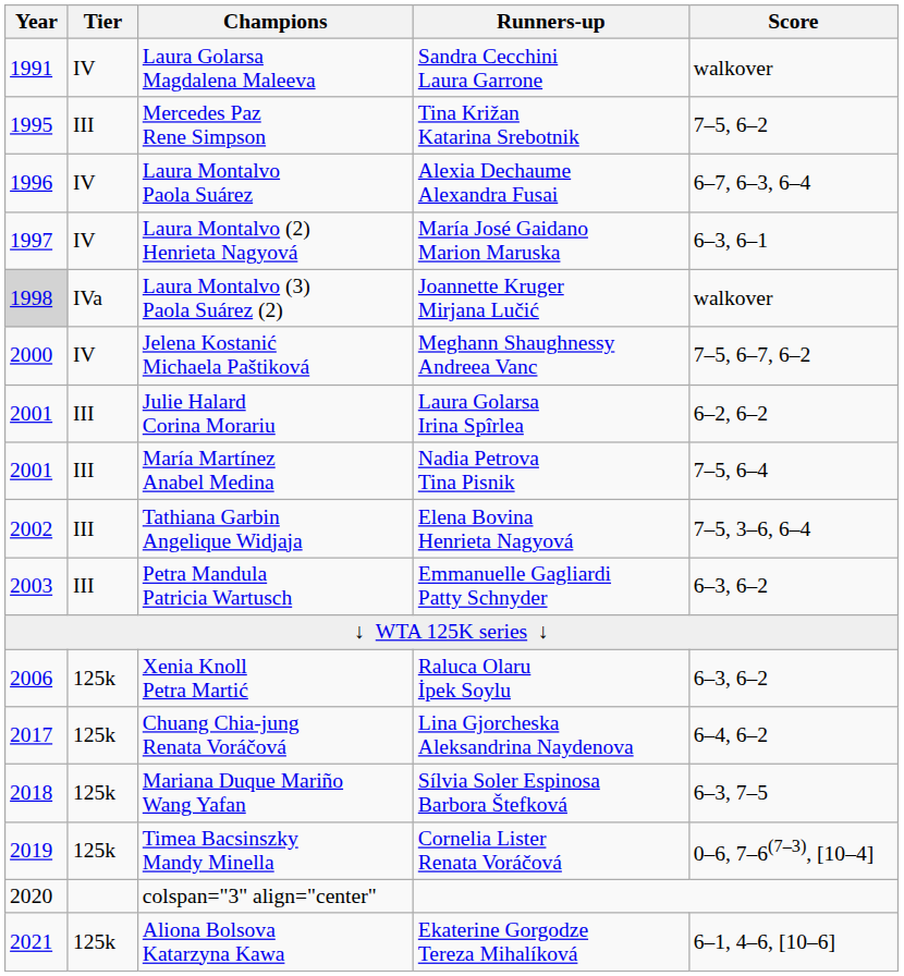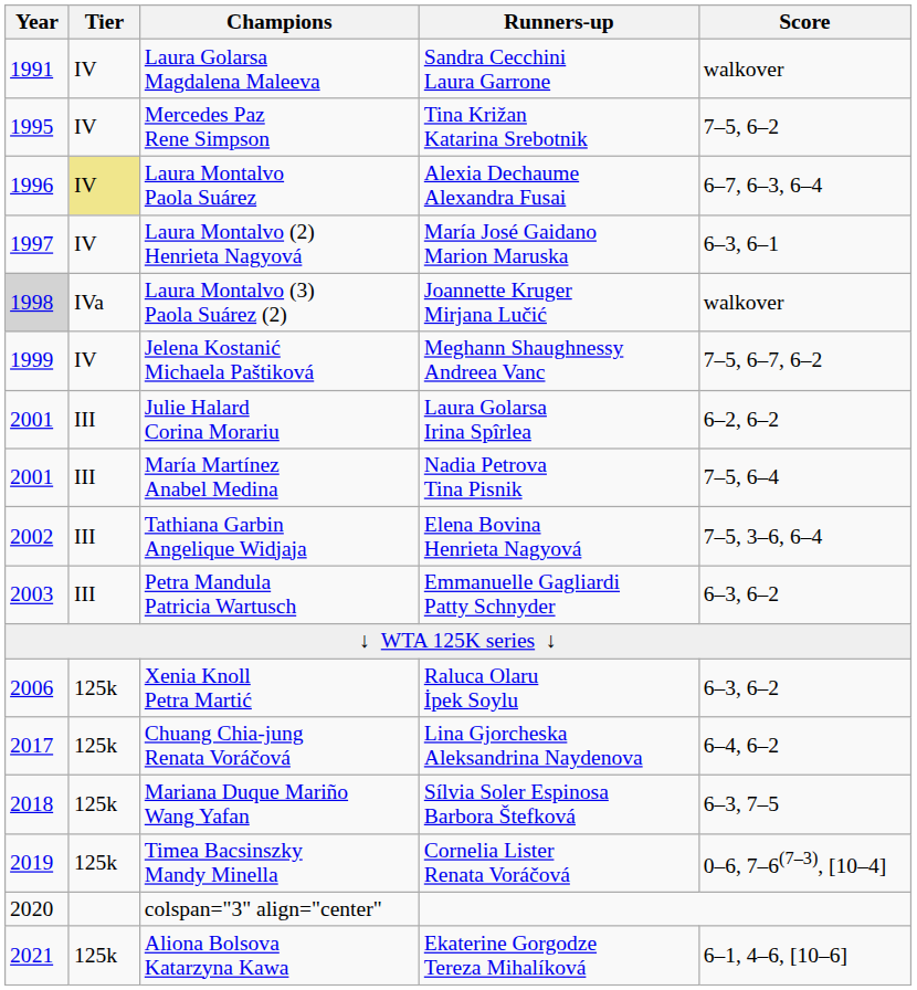 <table class=wikitable>
 <tr>
 <th style="width:40px">Year</th>
 <th style="width:45px">Tier</th>
 <th style="width:200px">Champions</th>
 <th style="width:200px">Runners-up</th>
 <th style="width:150px" class="unsortable">Score</th>
 </tr>
 <tr>
 <td><a href='#'>1991</a></td>
 <td>IV</td>
 <td> <a href='#'>Laura Golarsa</a> <br>  <a href='#'>Magdalena Maleeva</a></td>
 <td> <a href='#'>Sandra Cecchini</a> <br>  <a href='#'>Laura Garrone</a></td>
 <td>walkover</td>
 </tr>
 <tr>
 <td><a href='#'>1995</a></td>
-<td>III</td>
+<td>IV</td>
 <td> <a href='#'>Mercedes Paz</a> <br>  <a href='#'>Rene Simpson</a></td>
 <td> <a href='#'>Tina Križan</a> <br>  <a href='#'>Katarina Srebotnik</a></td>
 <td>7–5, 6–2</td>
 </tr>
 <tr>
 <td><a href='#'>1996</a></td>
-<td>IV</td>
+<td style="background: khaki;">IV</td>
 <td> <a href='#'>Laura Montalvo</a> <br>  <a href='#'>Paola Suárez</a></td>
 <td> <a href='#'>Alexia Dechaume</a> <br>  <a href='#'>Alexandra Fusai</a></td>
 <td>6–7, 6–3, 6–4</td>
 </tr>
 <tr>
 <td><a href='#'>1997</a></td>
 <td>IV</td>
 <td> <a href='#'>Laura Montalvo</a> (2) <br>  <a href='#'>Henrieta Nagyová</a></td>
 <td> <a href='#'>María José Gaidano</a> <br>  <a href='#'>Marion Maruska</a></td>
 <td>6–3, 6–1</td>
 </tr>
 <tr>
 <td style="background: lightgrey;"><a href='#'>1998</a></td>
 <td>IVa</td>
 <td> <a href='#'>Laura Montalvo</a> (3) <br>  <a href='#'>Paola Suárez</a> (2)</td>
 <td> <a href='#'>Joannette Kruger</a> <br>  <a href='#'>Mirjana Lučić</a></td>
 <td>walkover</td>
 </tr>
 <tr>
-<td><a href='#'>2000</a></td>
+<td><a href='#'>1999</a></td>
 <td>IV</td>
 <td> <a href='#'>Jelena Kostanić</a> <br>  <a href='#'>Michaela Paštiková</a></td>
 <td> <a href='#'>Meghann Shaughnessy</a> <br>  <a href='#'>Andreea Vanc</a></td>
 <td>7–5, 6–7, 6–2</td>
 </tr>
 <tr>
 <td><a href='#'>2001</a></td>
 <td>III</td>
 <td> <a href='#'>Julie Halard</a> <br>  <a href='#'>Corina Morariu</a></td>
 <td> <a href='#'>Laura Golarsa</a> <br>  <a href='#'>Irina Spîrlea</a></td>
 <td>6–2, 6–2</td>
 </tr>
 <tr>
 <td><a href='#'>2001</a></td>
 <td>III</td>
 <td> <a href='#'>María Martínez</a> <br>  <a href='#'>Anabel Medina</a></td>
 <td> <a href='#'>Nadia Petrova</a> <br>  <a href='#'>Tina Pisnik</a></td>
 <td>7–5, 6–4</td>
 </tr>
 <tr>
 <td><a href='#'>2002</a></td>
 <td>III</td>
 <td> <a href='#'>Tathiana Garbin</a> <br>  <a href='#'>Angelique Widjaja</a></td>
 <td> <a href='#'>Elena Bovina</a> <br>  <a href='#'>Henrieta Nagyová</a></td>
 <td>7–5, 3–6, 6–4</td>
 </tr>
 <tr>
 <td><a href='#'>2003</a></td>
 <td>III</td>
 <td> <a href='#'>Petra Mandula</a> <br>  <a href='#'>Patricia Wartusch</a></td>
 <td> <a href='#'>Emmanuelle Gagliardi</a> <br>  <a href='#'>Patty Schnyder</a></td>
 <td>6–3, 6–2</td>
 </tr>
 <tr>
 <td colspan=6 align=center style=background:#efefef>↓  <a href='#'>WTA 125K series</a>  ↓</td>
 </tr>
 <tr>
 <td><a href='#'>2006</a></td>
 <td>125k</td>
 <td> <a href='#'>Xenia Knoll</a> <br>  <a href='#'>Petra Martić</a></td>
 <td> <a href='#'>Raluca Olaru</a> <br>  <a href='#'>İpek Soylu</a></td>
 <td>6–3, 6–2</td>
 </tr>
 <tr>
 <td><a href='#'>2017</a></td>
 <td>125k</td>
 <td> <a href='#'>Chuang Chia-jung</a> <br>  <a href='#'>Renata Voráčová</a></td>
 <td> <a href='#'>Lina Gjorcheska</a> <br>  <a href='#'>Aleksandrina Naydenova</a></td>
 <td>6–4, 6–2</td>
 </tr>
 <tr>
 <td><a href='#'>2018</a></td>
 <td>125k</td>
 <td> <a href='#'>Mariana Duque Mariño</a> <br>  <a href='#'>Wang Yafan</a></td>
 <td> <a href='#'>Sílvia Soler Espinosa</a> <br>  <a href='#'>Barbora Štefková</a></td>
 <td>6–3, 7–5</td>
 </tr>
 <tr>
 <td><a href='#'>2019</a></td>
 <td>125k</td>
 <td> <a href='#'>Timea Bacsinszky</a> <br>  <a href='#'>Mandy Minella</a></td>
 <td> <a href='#'>Cornelia Lister</a> <br>  <a href='#'>Renata Voráčová</a></td>
 <td>0–6, 7–6<sup>(7–3)</sup>, [10–4]</td>
 </tr>
 <tr>
 <td>2020</td>
 <td></td>
 <td>colspan="3" align="center" </td>
 </tr>
 <tr>
 <td><a href='#'>2021</a></td>
 <td>125k</td>
 <td> <a href='#'>Aliona Bolsova</a> <br>  <a href='#'>Katarzyna Kawa</a></td>
 <td> <a href='#'>Ekaterine Gorgodze</a> <br>  <a href='#'>Tereza Mihalíková</a></td>
 <td>6–1, 4–6, [10–6]</td>
 </tr>
 </table>
